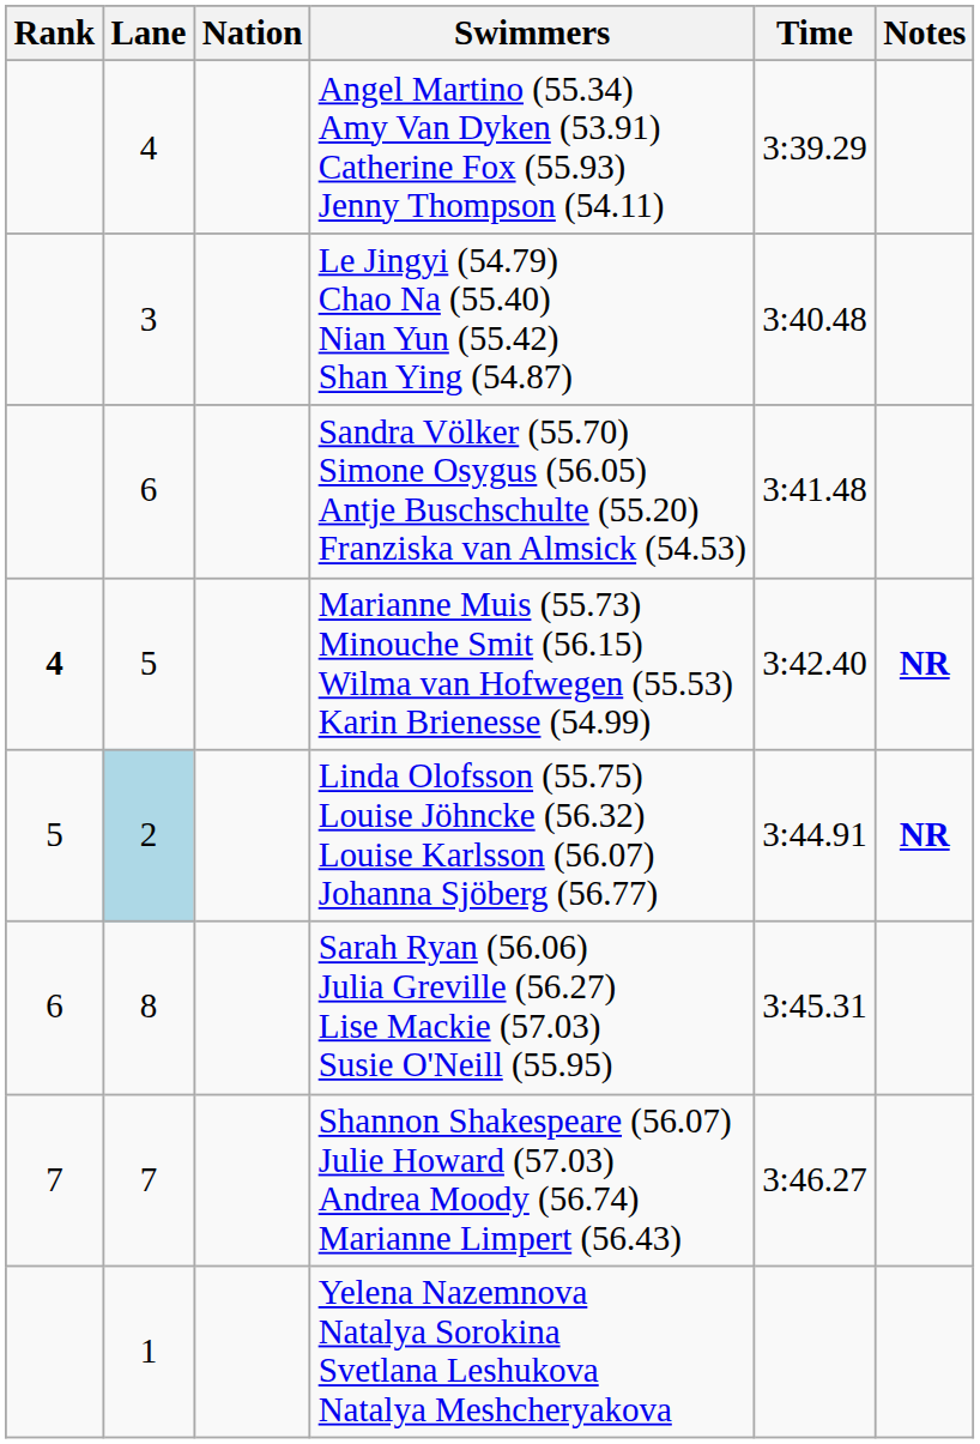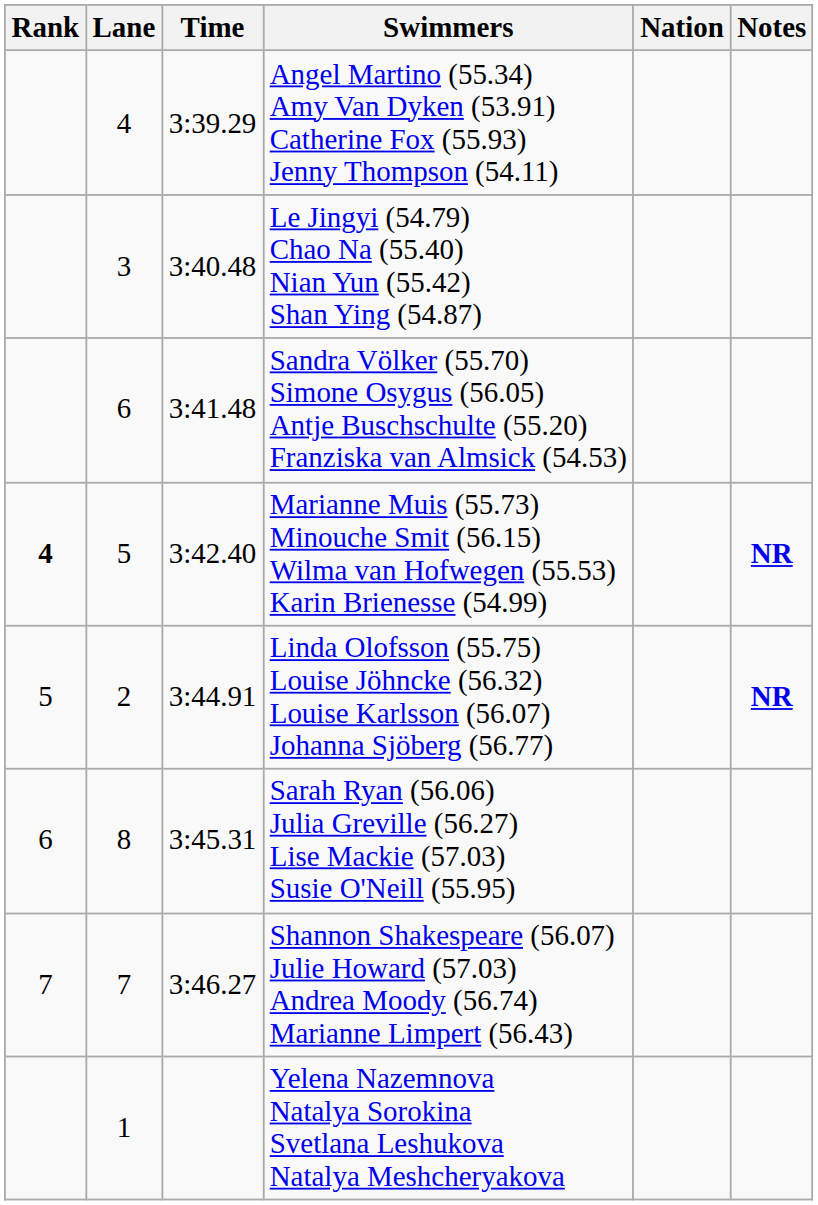 <table class="wikitable sortable" style="text-align:center">
 <tr>
 <th>Rank</th>
 <th>Lane</th>
+<th>Time</th>
+<th>Swimmers</th>
 <th>Nation</th>
-<th>Swimmers</th>
-<th>Time</th>
 <th>Notes</th>
 </tr>
 <tr>
 <td></td>
 <td>4</td>
+<td>3:39.29</td>
+<td align=left><a href='#'>Angel Martino</a> (55.34)<br><a href='#'>Amy Van Dyken</a> (53.91)<br><a href='#'>Catherine Fox</a> (55.93)<br><a href='#'>Jenny Thompson</a> (54.11)</td>
 <td align=left></td>
-<td align=left><a href='#'>Angel Martino</a> (55.34)<br><a href='#'>Amy Van Dyken</a> (53.91)<br><a href='#'>Catherine Fox</a> (55.93)<br><a href='#'>Jenny Thompson</a> (54.11)</td>
-<td>3:39.29</td>
 <td></td>
 </tr>
 <tr>
 <td></td>
 <td>3</td>
+<td>3:40.48</td>
+<td align=left><a href='#'>Le Jingyi</a> (54.79)<br><a href='#'>Chao Na</a> (55.40)<br><a href='#'>Nian Yun</a> (55.42)<br><a href='#'>Shan Ying</a> (54.87)</td>
 <td align=left></td>
-<td align=left><a href='#'>Le Jingyi</a> (54.79)<br><a href='#'>Chao Na</a> (55.40)<br><a href='#'>Nian Yun</a> (55.42)<br><a href='#'>Shan Ying</a> (54.87)</td>
-<td>3:40.48</td>
 <td></td>
 </tr>
 <tr>
 <td></td>
 <td>6</td>
+<td>3:41.48</td>
+<td align=left><a href='#'>Sandra Völker</a> (55.70)<br><a href='#'>Simone Osygus</a> (56.05)<br><a href='#'>Antje Buschschulte</a> (55.20)<br><a href='#'>Franziska van Almsick</a> (54.53)</td>
 <td align=left></td>
-<td align=left><a href='#'>Sandra Völker</a> (55.70)<br><a href='#'>Simone Osygus</a> (56.05)<br><a href='#'>Antje Buschschulte</a> (55.20)<br><a href='#'>Franziska van Almsick</a> (54.53)</td>
-<td>3:41.48</td>
 <td></td>
 </tr>
 <tr>
 <td><strong>4</strong></td>
 <td>5</td>
+<td>3:42.40</td>
+<td align=left><a href='#'>Marianne Muis</a> (55.73)<br><a href='#'>Minouche Smit</a> (56.15)<br><a href='#'>Wilma van Hofwegen</a> (55.53)<br><a href='#'>Karin Brienesse</a> (54.99)</td>
 <td align=left></td>
-<td align=left><a href='#'>Marianne Muis</a> (55.73)<br><a href='#'>Minouche Smit</a> (56.15)<br><a href='#'>Wilma van Hofwegen</a> (55.53)<br><a href='#'>Karin Brienesse</a> (54.99)</td>
-<td>3:42.40</td>
 <td><strong><a href='#'>NR</a></strong></td>
 </tr>
 <tr>
 <td>5</td>
-<td style="background: lightblue;">2</td>
+<td>2</td>
+<td>3:44.91</td>
+<td align=left><a href='#'>Linda Olofsson</a> (55.75)<br><a href='#'>Louise Jöhncke</a> (56.32)<br><a href='#'>Louise Karlsson</a> (56.07)<br><a href='#'>Johanna Sjöberg</a> (56.77)</td>
 <td align=left></td>
-<td align=left><a href='#'>Linda Olofsson</a> (55.75)<br><a href='#'>Louise Jöhncke</a> (56.32)<br><a href='#'>Louise Karlsson</a> (56.07)<br><a href='#'>Johanna Sjöberg</a> (56.77)</td>
-<td>3:44.91</td>
 <td><strong><a href='#'>NR</a></strong></td>
 </tr>
 <tr>
 <td>6</td>
 <td>8</td>
+<td>3:45.31</td>
+<td align=left><a href='#'>Sarah Ryan</a> (56.06)<br><a href='#'>Julia Greville</a> (56.27)<br><a href='#'>Lise Mackie</a> (57.03)<br><a href='#'>Susie O'Neill</a> (55.95)</td>
 <td align=left></td>
-<td align=left><a href='#'>Sarah Ryan</a> (56.06)<br><a href='#'>Julia Greville</a> (56.27)<br><a href='#'>Lise Mackie</a> (57.03)<br><a href='#'>Susie O'Neill</a> (55.95)</td>
-<td>3:45.31</td>
 <td></td>
 </tr>
 <tr>
 <td>7</td>
 <td>7</td>
+<td>3:46.27</td>
+<td align=left><a href='#'>Shannon Shakespeare</a> (56.07)<br><a href='#'>Julie Howard</a> (57.03)<br><a href='#'>Andrea Moody</a> (56.74)<br><a href='#'>Marianne Limpert</a> (56.43)</td>
 <td align=left></td>
-<td align=left><a href='#'>Shannon Shakespeare</a> (56.07)<br><a href='#'>Julie Howard</a> (57.03)<br><a href='#'>Andrea Moody</a> (56.74)<br><a href='#'>Marianne Limpert</a> (56.43)</td>
-<td>3:46.27</td>
 <td></td>
 </tr>
 <tr>
 <td></td>
 <td>1</td>
+<td></td>
+<td align=left><a href='#'>Yelena Nazemnova</a><br><a href='#'>Natalya Sorokina</a><br><a href='#'>Svetlana Leshukova</a><br><a href='#'>Natalya Meshcheryakova</a></td>
 <td align=left></td>
-<td align=left><a href='#'>Yelena Nazemnova</a><br><a href='#'>Natalya Sorokina</a><br><a href='#'>Svetlana Leshukova</a><br><a href='#'>Natalya Meshcheryakova</a></td>
-<td></td>
 <td></td>
 </tr>
 </table>
